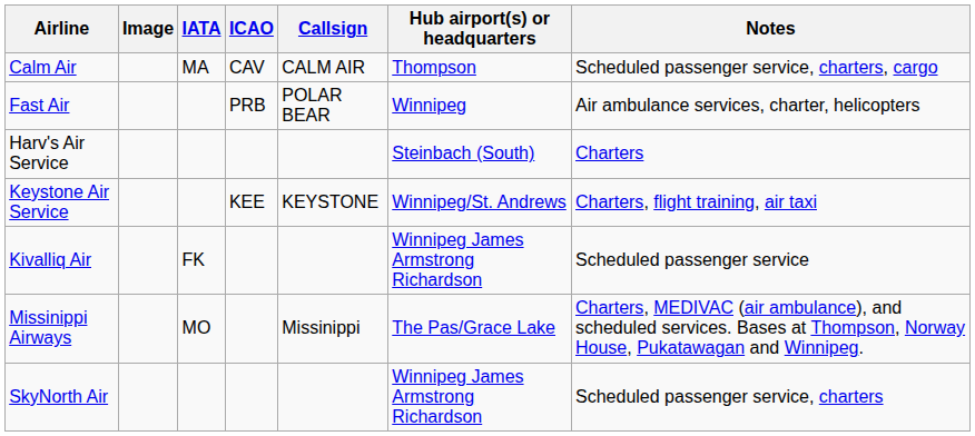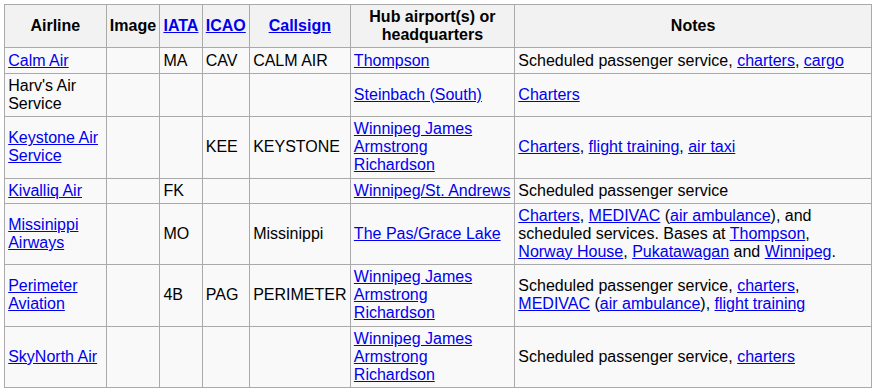 <table class="wikitable sortable" style="border: 0; cellpadding: 2; cellspacing: 3;">
 <tr style="vertical-align:middle;">
 <th>Airline</th>
 <th>Image</th>
 <th><a href='#'>IATA</a></th>
 <th><a href='#'>ICAO</a></th>
 <th><a href='#'>Callsign</a></th>
 <th>Hub airport(s) or<br>headquarters</th>
 <th class="unsortable">Notes</th>
 </tr>
 <tr>
 <td><a href='#'>Calm Air</a></td>
 <td></td>
 <td>MA</td>
 <td>CAV</td>
 <td>CALM AIR</td>
 <td><a href='#'>Thompson</a></td>
 <td>Scheduled passenger service, <a href='#'>charters</a>, <a href='#'>cargo</a></td>
 </tr>
 <tr>
-<td><a href='#'>Fast Air</a></td>
-<td></td>
-<td></td>
-<td>PRB</td>
-<td>POLAR BEAR</td>
-<td><a href='#'>Winnipeg</a></td>
-<td>Air ambulance services, charter, helicopters</td>
-</tr>
-<tr>
 <td>Harv's Air Service</td>
 <td></td>
 <td></td>
 <td></td>
 <td></td>
 <td><a href='#'>Steinbach (South)</a></td>
 <td><a href='#'>Charters</a></td>
 </tr>
 <tr>
 <td><a href='#'>Keystone Air Service</a></td>
 <td></td>
 <td></td>
 <td>KEE</td>
 <td>KEYSTONE</td>
-<td><a href='#'>Winnipeg/St. Andrews</a></td>
+<td><a href='#'>Winnipeg James Armstrong Richardson</a></td>
 <td><a href='#'>Charters</a>, <a href='#'>flight training</a>, <a href='#'>air taxi</a></td>
 </tr>
 <tr>
 <td><a href='#'>Kivalliq Air</a></td>
 <td></td>
 <td>FK</td>
 <td></td>
 <td></td>
-<td><a href='#'>Winnipeg James Armstrong Richardson</a></td>
+<td><a href='#'>Winnipeg/St. Andrews</a></td>
 <td>Scheduled passenger service</td>
 </tr>
 <tr>
 <td><a href='#'>Missinippi Airways</a></td>
 <td></td>
 <td>MO</td>
 <td></td>
 <td>Missinippi</td>
 <td><a href='#'>The Pas/Grace Lake</a></td>
 <td><a href='#'>Charters</a>, <a href='#'>MEDIVAC</a> (<a href='#'>air ambulance</a>),  and scheduled services. Bases at <a href='#'>Thompson</a>, <a href='#'>Norway House</a>, <a href='#'>Pukatawagan</a> and <a href='#'>Winnipeg</a>.</td>
+</tr>
+<tr>
+<td><a href='#'>Perimeter Aviation</a></td>
+<td></td>
+<td>4B</td>
+<td>PAG</td>
+<td>PERIMETER</td>
+<td><a href='#'>Winnipeg James Armstrong Richardson</a></td>
+<td>Scheduled passenger service, <a href='#'>charters</a>, <a href='#'>MEDIVAC</a> (<a href='#'>air ambulance</a>), <a href='#'>flight training</a></td>
 </tr>
 <tr>
 <td><a href='#'>SkyNorth Air</a></td>
 <td></td>
 <td></td>
 <td></td>
 <td></td>
 <td><a href='#'>Winnipeg James Armstrong Richardson</a></td>
 <td>Scheduled passenger service, <a href='#'>charters</a></td>
 </tr>
 <tr>
 </tr>
 </table>
